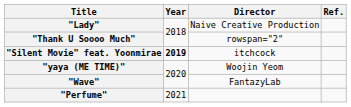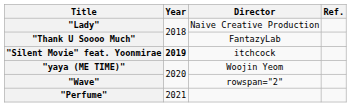 <table class="wikitable plainrowheaders" style="text-align:center; table-layout:fixed; margin-right:0">
 <tr>
 <th scope="col">Title</th>
 <th scope="col">Year</th>
 <th scope="col">Director</th>
 <th scope="col">Ref.</th>
 </tr>
 <tr>
 <th scope="row">"Lady"</th>
 <td rowspan="2">2018</td>
 <td>Naive Creative Production</td>
 <td></td>
 </tr>
 <tr>
 <th scope="row">"Thank U Soooo Much"</th>
-<td>rowspan="2" </td>
+<td>FantazyLab</td>
 <td></td>
 </tr>
 <tr>
 <th scope="row">"Silent Movie" feat. Yoonmirae</th>
 <td><strong>2019</strong></td>
 <td>itchcock</td>
 <td></td>
 </tr>
 <tr>
 <th scope="row">"yaya (ME TIME)"</th>
 <td rowspan="2">2020</td>
 <td>Woojin Yeom</td>
 <td></td>
 </tr>
 <tr>
 <th scope="row">"Wave"</th>
-<td>FantazyLab</td>
+<td>rowspan="2" </td>
 <td></td>
 </tr>
 <tr>
 <th scope="row">"Perfume"</th>
 <td>2021</td>
 <td></td>
 </tr>
 </table>
